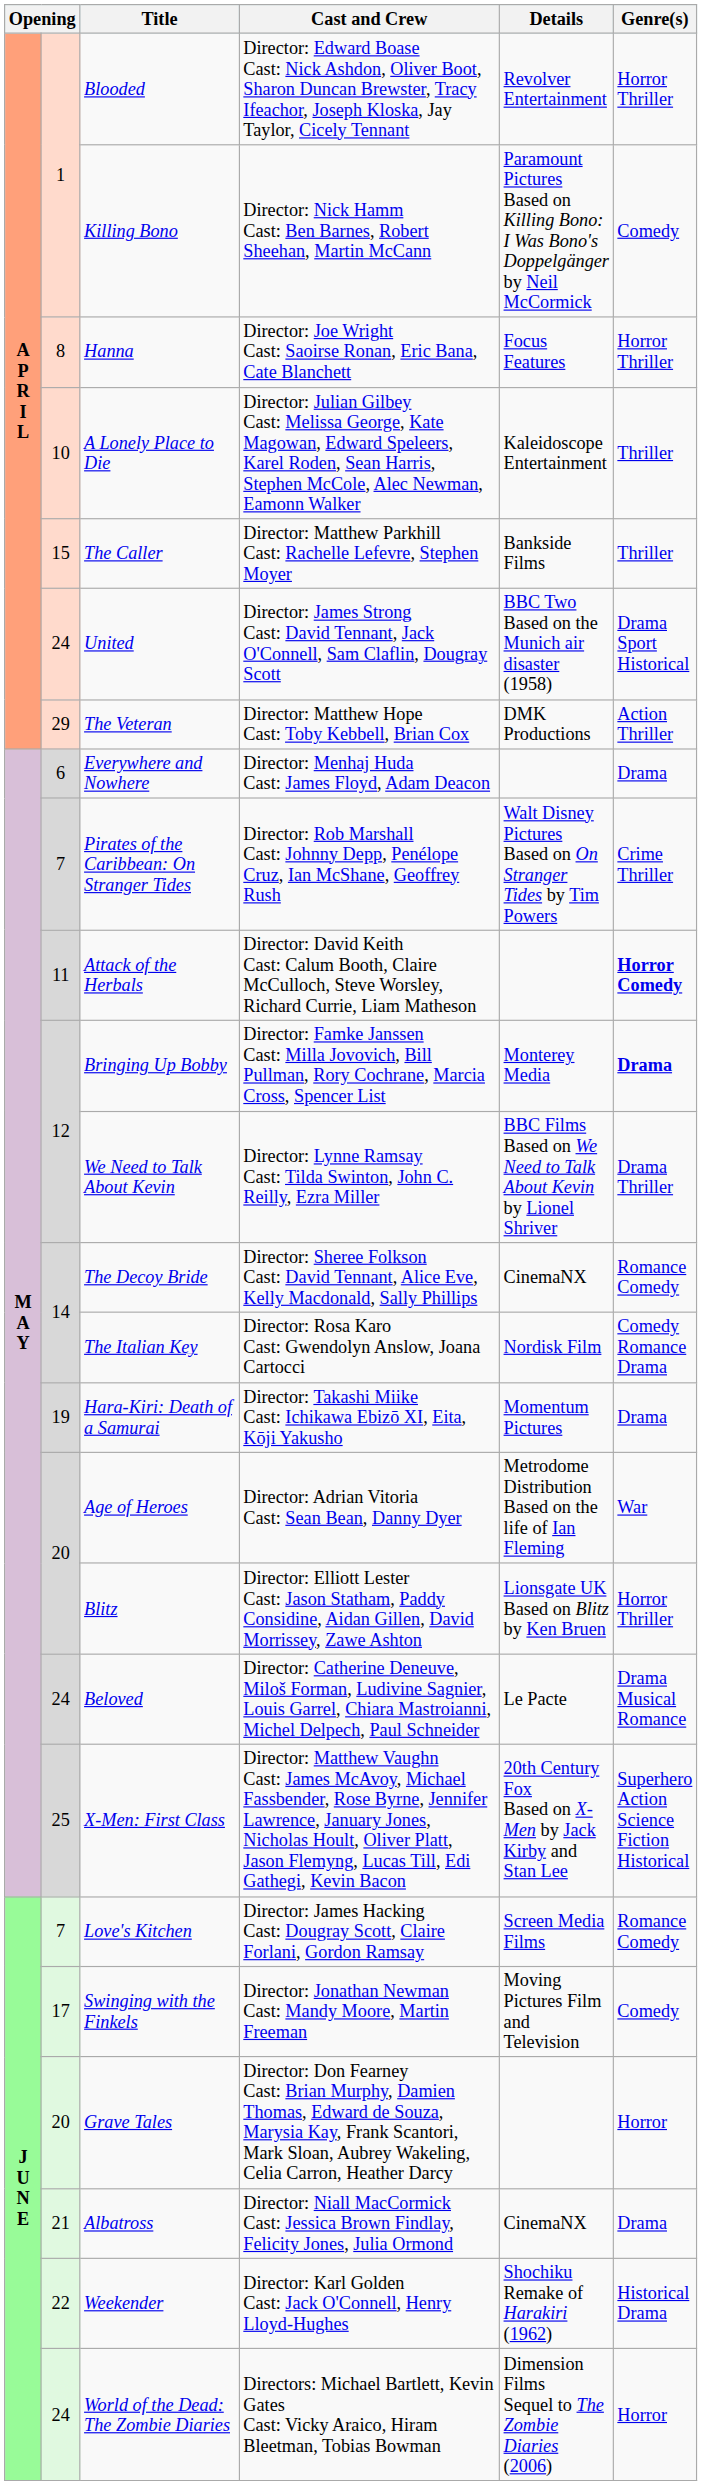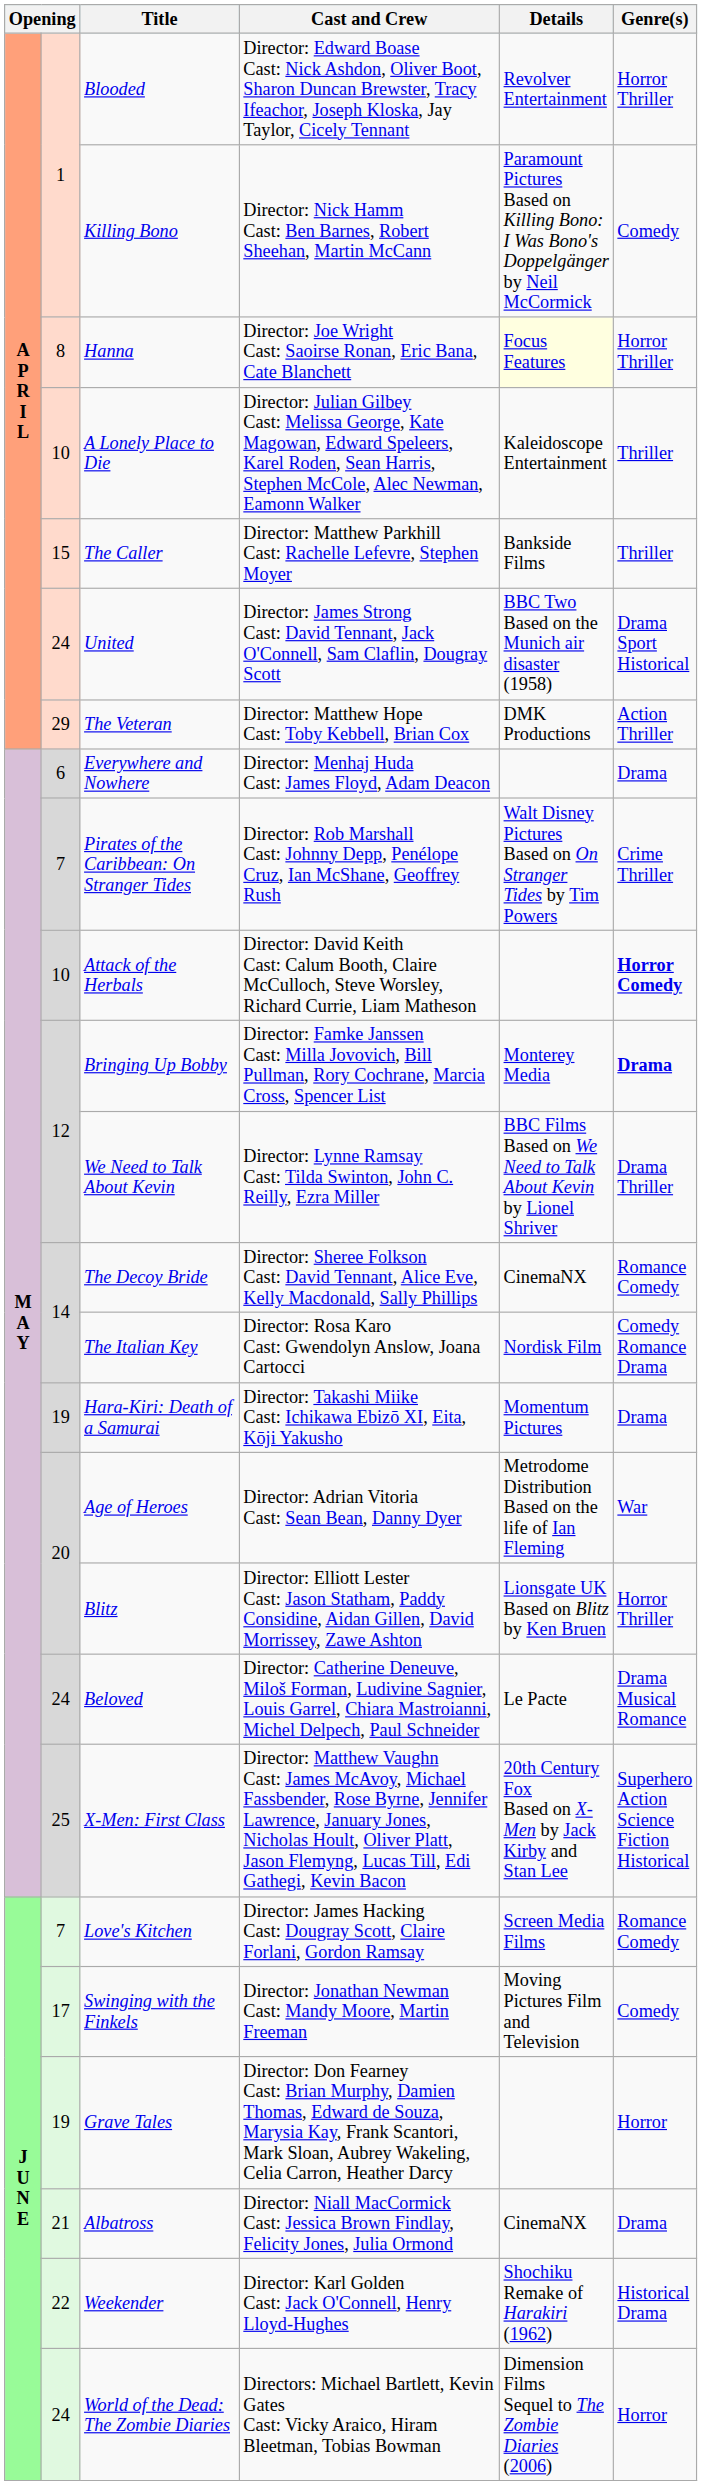 <table class="wikitable sortable plainrowheaders">
 <tr style="background:#b0e0e6; text-align:center;">
 <th colspan="2">Opening</th>
 <th style="width:24%;">Title</th>
 <th style="width:40%;">Cast and Crew</th>
 <th>Details</th>
 <th style="width:10%;">Genre(s)</th>
 </tr>
 <tr>
 <th rowspan="7" style="text-align:center; background:#ffa07a; textcolor:#000;">A<br>P<br>R<br>I<br>L</th>
 <td rowspan="2" style="text-align:center; background:#ffdacc;">1</td>
 <td><em><a href='#'>Blooded</a></em></td>
 <td>Director: <a href='#'>Edward Boase</a>  <br> Cast: <a href='#'>Nick Ashdon</a>, <a href='#'>Oliver Boot</a>, <a href='#'>Sharon Duncan Brewster</a>, <a href='#'>Tracy Ifeachor</a>, <a href='#'>Joseph Kloska</a>, Jay Taylor, <a href='#'>Cicely Tennant</a></td>
 <td><a href='#'>Revolver Entertainment</a></td>
 <td><a href='#'>Horror</a>  <br> <a href='#'>Thriller</a></td>
 </tr>
 <tr>
 <td><em><a href='#'>Killing Bono</a></em></td>
 <td>Director: <a href='#'>Nick Hamm</a>  <br> Cast: <a href='#'>Ben Barnes</a>, <a href='#'>Robert Sheehan</a>, <a href='#'>Martin McCann</a></td>
 <td><a href='#'>Paramount Pictures</a>  <br> Based on <em>Killing Bono: I Was Bono's Doppelgänger</em> by <a href='#'>Neil McCormick</a></td>
 <td><a href='#'>Comedy</a></td>
 </tr>
 <tr>
 <td rowspan="1" style="text-align:center; background:#ffdacc;">8</td>
 <td><em><a href='#'>Hanna</a></em></td>
 <td>Director: <a href='#'>Joe Wright</a>  <br> Cast: <a href='#'>Saoirse Ronan</a>, <a href='#'>Eric Bana</a>, <a href='#'>Cate Blanchett</a></td>
-<td><a href='#'>Focus Features</a></td>
+<td style="background: lightyellow;"><a href='#'>Focus Features</a></td>
 <td><a href='#'>Horror</a>  <br> <a href='#'>Thriller</a></td>
 </tr>
 <tr>
 <td rowspan="1" style="text-align:center; background:#ffdacc;">10</td>
 <td><em><a href='#'>A Lonely Place to Die</a></em></td>
 <td>Director: <a href='#'>Julian Gilbey</a>  <br> Cast: <a href='#'>Melissa George</a>, <a href='#'>Kate Magowan</a>, <a href='#'>Edward Speleers</a>, <a href='#'>Karel Roden</a>, <a href='#'>Sean Harris</a>, <a href='#'>Stephen McCole</a>, <a href='#'>Alec Newman</a>, <a href='#'>Eamonn Walker</a></td>
 <td>Kaleidoscope Entertainment</td>
 <td><a href='#'>Thriller</a></td>
 </tr>
 <tr>
 <td rowspan="1" style="text-align:center; background:#ffdacc;">15</td>
 <td><em><a href='#'>The Caller</a></em></td>
 <td>Director: Matthew Parkhill  <br> Cast: <a href='#'>Rachelle Lefevre</a>, <a href='#'>Stephen Moyer</a></td>
 <td>Bankside Films</td>
 <td><a href='#'>Thriller</a></td>
 </tr>
 <tr>
 <td rowspan="1" style="text-align:center; background:#ffdacc;">24</td>
 <td><em><a href='#'>United</a></em></td>
 <td>Director: <a href='#'>James Strong</a>  <br> Cast: <a href='#'>David Tennant</a>, <a href='#'>Jack O'Connell</a>, <a href='#'>Sam Claflin</a>, <a href='#'>Dougray Scott</a></td>
 <td><a href='#'>BBC Two</a>  <br> Based on the <a href='#'>Munich air disaster</a> (1958)</td>
 <td><a href='#'>Drama</a>  <br> <a href='#'>Sport</a>  <br> <a href='#'>Historical</a></td>
 </tr>
 <tr>
 <td rowspan="1" style="text-align:center; background:#ffdacc;">29</td>
 <td><em><a href='#'>The Veteran</a></em></td>
 <td>Director: Matthew Hope  <br> Cast: <a href='#'>Toby Kebbell</a>, <a href='#'>Brian Cox</a></td>
 <td>DMK Productions</td>
 <td><a href='#'>Action</a>  <br> <a href='#'>Thriller</a></td>
 </tr>
 <tr>
 <th rowspan="12" style="text-align:center; background:thistle; textcolor:#000;">M<br>A<br>Y</th>
 <td rowspan="1" style="text-align:center; background:#d8d8d8;">6</td>
 <td><em><a href='#'>Everywhere and Nowhere</a></em></td>
 <td>Director: <a href='#'>Menhaj Huda</a>  <br> Cast: <a href='#'>James Floyd</a>, <a href='#'>Adam Deacon</a></td>
 <td></td>
 <td><a href='#'>Drama</a></td>
 </tr>
 <tr>
 <td rowspan="1" style="text-align:center; background:#d8d8d8;">7</td>
 <td><em><a href='#'>Pirates of the Caribbean: On Stranger Tides</a></em></td>
 <td>Director: <a href='#'>Rob Marshall</a>  <br> Cast: <a href='#'>Johnny Depp</a>, <a href='#'>Penélope Cruz</a>, <a href='#'>Ian McShane</a>, <a href='#'>Geoffrey Rush</a></td>
 <td><a href='#'>Walt Disney Pictures</a>  <br> Based on <em><a href='#'>On Stranger Tides</a></em> by <a href='#'>Tim Powers</a></td>
 <td><a href='#'>Crime</a>  <br> <a href='#'>Thriller</a></td>
 </tr>
 <tr>
-<td rowspan="1" style="text-align:center; background:#d8d8d8;">11</td>
+<td rowspan="1" style="text-align:center; background:#d8d8d8;">10</td>
 <td><em><a href='#'>Attack of the Herbals</a></em></td>
 <td>Director: David Keith  <br> Cast: Calum Booth, Claire McCulloch, Steve Worsley, Richard Currie, Liam Matheson</td>
 <td></td>
 <td><strong><a href='#'>Horror</a>  <br> <a href='#'>Comedy</a></strong></td>
 </tr>
 <tr>
 <td rowspan="2" style="text-align:center; background:#d8d8d8;">12</td>
 <td><em><a href='#'>Bringing Up Bobby</a></em></td>
 <td>Director: <a href='#'>Famke Janssen</a>  <br> Cast: <a href='#'>Milla Jovovich</a>, <a href='#'>Bill Pullman</a>, <a href='#'>Rory Cochrane</a>, <a href='#'>Marcia Cross</a>, <a href='#'>Spencer List</a></td>
 <td><a href='#'>Monterey Media</a></td>
 <td><strong><a href='#'>Drama</a></strong></td>
 </tr>
 <tr>
 <td><em><a href='#'>We Need to Talk About Kevin</a></em></td>
 <td>Director: <a href='#'>Lynne Ramsay</a>  <br> Cast: <a href='#'>Tilda Swinton</a>, <a href='#'>John C. Reilly</a>, <a href='#'>Ezra Miller</a></td>
 <td><a href='#'>BBC Films</a>  <br> Based on <em><a href='#'>We Need to Talk About Kevin</a></em> by <a href='#'>Lionel Shriver</a></td>
 <td><a href='#'>Drama</a>  <br> <a href='#'>Thriller</a></td>
 </tr>
 <tr>
 <td rowspan="2" style="text-align:center; background:#d8d8d8;">14</td>
 <td><em><a href='#'>The Decoy Bride</a></em></td>
 <td>Director: <a href='#'>Sheree Folkson</a>  <br> Cast: <a href='#'>David Tennant</a>, <a href='#'>Alice Eve</a>, <a href='#'>Kelly Macdonald</a>, <a href='#'>Sally Phillips</a></td>
 <td>CinemaNX</td>
 <td><a href='#'>Romance</a>  <br> <a href='#'>Comedy</a></td>
 </tr>
 <tr>
 <td><em><a href='#'>The Italian Key</a></em></td>
 <td>Director: Rosa Karo  <br> Cast: Gwendolyn Anslow, Joana Cartocci</td>
 <td><a href='#'>Nordisk Film</a></td>
 <td><a href='#'>Comedy</a>  <br> <a href='#'>Romance</a>  <br> <a href='#'>Drama</a></td>
 </tr>
 <tr>
 <td rowspan="1" style="text-align:center; background:#d8d8d8;">19</td>
 <td><em><a href='#'>Hara-Kiri: Death of a Samurai</a></em></td>
 <td>Director: <a href='#'>Takashi Miike</a>  <br> Cast: <a href='#'>Ichikawa Ebizō XI</a>, <a href='#'>Eita</a>, <a href='#'>Kōji Yakusho</a></td>
 <td><a href='#'>Momentum Pictures</a></td>
 <td><a href='#'>Drama</a></td>
 </tr>
 <tr>
 <td rowspan="2" style="text-align:center; background:#d8d8d8;">20</td>
 <td><em><a href='#'>Age of Heroes</a></em></td>
 <td>Director: Adrian Vitoria  <br> Cast: <a href='#'>Sean Bean</a>, <a href='#'>Danny Dyer</a></td>
 <td>Metrodome Distribution  <br> Based on the life of <a href='#'>Ian Fleming</a></td>
 <td><a href='#'>War</a></td>
 </tr>
 <tr>
 <td><em><a href='#'>Blitz</a></em></td>
 <td>Director: Elliott Lester  <br> Cast: <a href='#'>Jason Statham</a>, <a href='#'>Paddy Considine</a>, <a href='#'>Aidan Gillen</a>, <a href='#'>David Morrissey</a>, <a href='#'>Zawe Ashton</a></td>
 <td><a href='#'>Lionsgate UK</a>  <br> Based on <em>Blitz</em> by <a href='#'>Ken Bruen</a></td>
 <td><a href='#'>Horror</a>  <br> <a href='#'>Thriller</a></td>
 </tr>
 <tr>
 <td rowspan="1" style="text-align:center; background:#d8d8d8;">24</td>
 <td><em><a href='#'>Beloved</a></em></td>
 <td>Director: <a href='#'>Catherine Deneuve</a>, <a href='#'>Miloš Forman</a>, <a href='#'>Ludivine Sagnier</a>, <a href='#'>Louis Garrel</a>, <a href='#'>Chiara Mastroianni</a>, <a href='#'>Michel Delpech</a>, <a href='#'>Paul Schneider</a></td>
 <td>Le Pacte</td>
 <td><a href='#'>Drama</a>  <br> <a href='#'>Musical</a>  <br> <a href='#'>Romance</a></td>
 </tr>
 <tr>
 <td rowspan="1" style="text-align:center; background:#d8d8d8;">25</td>
 <td><em><a href='#'>X-Men: First Class</a></em></td>
 <td>Director: <a href='#'>Matthew Vaughn</a>  <br> Cast: <a href='#'>James McAvoy</a>, <a href='#'>Michael Fassbender</a>, <a href='#'>Rose Byrne</a>, <a href='#'>Jennifer Lawrence</a>, <a href='#'>January Jones</a>, <a href='#'>Nicholas Hoult</a>, <a href='#'>Oliver Platt</a>, <a href='#'>Jason Flemyng</a>, <a href='#'>Lucas Till</a>, <a href='#'>Edi Gathegi</a>, <a href='#'>Kevin Bacon</a></td>
 <td><a href='#'>20th Century Fox</a>  <br> Based on <em><a href='#'>X-Men</a></em> by <a href='#'>Jack Kirby</a> and <a href='#'>Stan Lee</a></td>
 <td><a href='#'>Superhero</a>  <br> <a href='#'>Action</a>  <br> <a href='#'>Science Fiction</a>  <br> <a href='#'>Historical</a></td>
 </tr>
 <tr>
 <th rowspan="6" style="text-align:center; background:#98fb98; textcolor:#000;">J <br>U <br>N <br>E</th>
 <td rowspan="1" style="text-align:center; background:#e0f9e0;">7</td>
 <td><em><a href='#'>Love's Kitchen</a></em></td>
 <td>Director: James Hacking  <br> Cast: <a href='#'>Dougray Scott</a>, <a href='#'>Claire Forlani</a>, <a href='#'>Gordon Ramsay</a></td>
 <td><a href='#'>Screen Media Films</a></td>
 <td><a href='#'>Romance</a>  <br> <a href='#'>Comedy</a></td>
 </tr>
 <tr>
 <td rowspan="1" style="text-align:center; background:#e0f9e0;">17</td>
 <td><em><a href='#'>Swinging with the Finkels</a></em></td>
 <td>Director: <a href='#'>Jonathan Newman</a>  <br> Cast: <a href='#'>Mandy Moore</a>, <a href='#'>Martin Freeman</a></td>
 <td>Moving Pictures Film and Television</td>
 <td><a href='#'>Comedy</a></td>
 </tr>
 <tr>
-<td rowspan="1" style="text-align:center; background:#e0f9e0;">20</td>
+<td rowspan="1" style="text-align:center; background:#e0f9e0;">19</td>
 <td><em><a href='#'>Grave Tales</a></em></td>
 <td>Director: Don Fearney  <br> Cast: <a href='#'>Brian Murphy</a>, <a href='#'>Damien Thomas</a>, <a href='#'>Edward de Souza</a>, <a href='#'>Marysia Kay</a>, Frank Scantori, Mark Sloan, Aubrey Wakeling, Celia Carron, Heather Darcy</td>
 <td></td>
 <td><a href='#'>Horror</a></td>
 </tr>
 <tr>
 <td rowspan="1" style="text-align:center; background:#e0f9e0;">21</td>
 <td><em><a href='#'>Albatross</a></em></td>
 <td>Director: <a href='#'>Niall MacCormick</a>  <br> Cast: <a href='#'>Jessica Brown Findlay</a>, <a href='#'>Felicity Jones</a>, <a href='#'>Julia Ormond</a></td>
 <td>CinemaNX</td>
 <td><a href='#'>Drama</a></td>
 </tr>
 <tr>
 <td rowspan="1" style="text-align:center; background:#e0f9e0;">22</td>
 <td><em><a href='#'>Weekender</a></em></td>
 <td>Director: Karl Golden  <br> Cast: <a href='#'>Jack O'Connell</a>, <a href='#'>Henry Lloyd-Hughes</a></td>
 <td><a href='#'>Shochiku</a>  <br> Remake of <em><a href='#'>Harakiri</a></em> (<a href='#'>1962</a>)</td>
 <td><a href='#'>Historical</a>  <br> <a href='#'>Drama</a></td>
 </tr>
 <tr>
 <td rowspan="1" style="text-align:center; background:#e0f9e0;">24</td>
 <td><em><a href='#'>World of the Dead: The Zombie Diaries</a></em></td>
 <td>Directors: Michael Bartlett, Kevin Gates  <br> Cast: Vicky Araico, Hiram Bleetman, Tobias Bowman</td>
 <td>Dimension Films  <br> Sequel to <em><a href='#'>The Zombie Diaries</a></em> (<a href='#'>2006</a>)</td>
 <td><a href='#'>Horror</a></td>
 </tr>
 <tr>
 </tr>
 </table>
